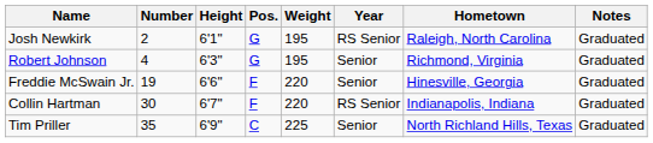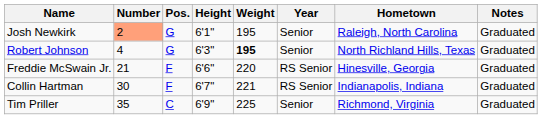 <table class="wikitable sortable" border="1">
 <tr align=center>
 <th>Name</th>
 <th>Number</th>
+<th>Pos.</th>
 <th>Height</th>
-<th>Pos.</th>
 <th>Weight</th>
 <th>Year</th>
 <th>Hometown</th>
 <th>Notes</th>
 </tr>
 <tr>
 <td sortname>Josh Newkirk</td>
-<td>2</td>
+<td style="background: lightsalmon;">2</td>
+<td><a href='#'>G</a></td>
 <td>6'1"</td>
-<td><a href='#'>G</a></td>
 <td>195</td>
-<td>RS Senior</td>
+<td>Senior</td>
 <td><a href='#'>Raleigh, North Carolina</a></td>
 <td>Graduated</td>
 </tr>
 <tr>
 <td sortname><a href='#'>Robert Johnson</a></td>
 <td>4</td>
+<td><a href='#'>G</a></td>
 <td>6'3"</td>
-<td><a href='#'>G</a></td>
-<td>195</td>
+<td><strong>195</strong></td>
 <td>Senior</td>
-<td><a href='#'>Richmond, Virginia</a></td>
+<td><a href='#'>North Richland Hills, Texas</a></td>
 <td>Graduated</td>
 </tr>
 <tr>
 <td sortname>Freddie McSwain Jr.</td>
-<td>19</td>
+<td>21</td>
+<td><a href='#'>F</a></td>
 <td>6'6"</td>
-<td><a href='#'>F</a></td>
 <td>220</td>
-<td>Senior</td>
+<td>RS Senior</td>
 <td><a href='#'>Hinesville, Georgia</a></td>
 <td>Graduated</td>
 </tr>
 <tr>
 <td sortname>Collin Hartman</td>
 <td>30</td>
+<td><a href='#'>F</a></td>
 <td>6'7"</td>
-<td><a href='#'>F</a></td>
-<td>220</td>
+<td>221</td>
 <td>RS Senior</td>
 <td><a href='#'>Indianapolis, Indiana</a></td>
 <td>Graduated</td>
 </tr>
 <tr>
 <td sortname>Tim Priller</td>
 <td>35</td>
+<td><a href='#'>C</a></td>
 <td>6'9"</td>
-<td><a href='#'>C</a></td>
 <td>225</td>
 <td>Senior</td>
-<td><a href='#'>North Richland Hills, Texas</a></td>
+<td><a href='#'>Richmond, Virginia</a></td>
 <td>Graduated</td>
 </tr>
 </table>
